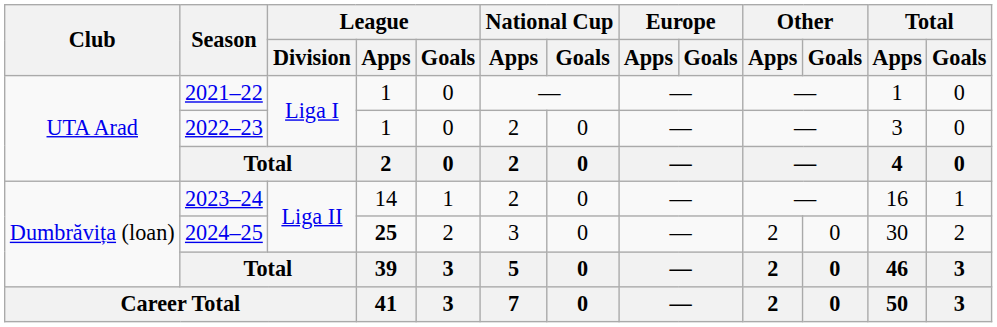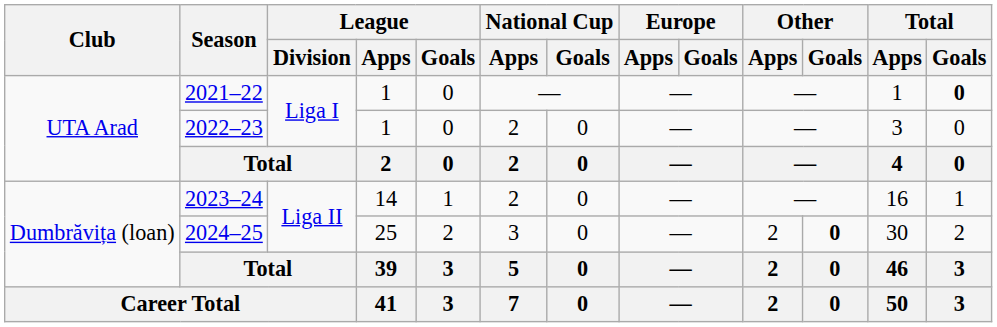 <table class=wikitable style=text-align:center>
 <tr>
 <th rowspan=2>Club</th>
 <th rowspan=2>Season</th>
 <th colspan=3>League</th>
 <th colspan=2>National Cup</th>
 <th colspan=2>Europe</th>
 <th colspan=2>Other</th>
 <th colspan=2>Total</th>
 </tr>
 <tr>
 <th>Division</th>
 <th>Apps</th>
 <th>Goals</th>
 <th>Apps</th>
 <th>Goals</th>
 <th>Apps</th>
 <th>Goals</th>
 <th>Apps</th>
 <th>Goals</th>
 <th>Apps</th>
 <th>Goals</th>
 </tr>
 <tr>
 <td rowspan="3"><a href='#'>UTA Arad</a></td>
 <td><a href='#'>2021–22</a></td>
 <td rowspan="2"><a href='#'>Liga I</a></td>
 <td>1</td>
 <td>0</td>
 <td colspan="2">—</td>
 <td colspan="2">—</td>
 <td colspan="2">—</td>
 <td>1</td>
-<td>0</td>
+<td><strong>0</strong></td>
 </tr>
 <tr>
 <td><a href='#'>2022–23</a></td>
 <td>1</td>
 <td>0</td>
 <td>2</td>
 <td>0</td>
 <td colspan="2">—</td>
 <td colspan="2">—</td>
 <td>3</td>
 <td>0</td>
 </tr>
 <tr>
 <th colspan="2">Total</th>
 <th>2</th>
 <th>0</th>
 <th>2</th>
 <th>0</th>
 <th colspan="2">—</th>
 <th colspan="2">—</th>
 <th>4</th>
 <th>0</th>
 </tr>
 <tr>
 <td rowspan="3"><a href='#'>Dumbrăvița</a> (loan)</td>
 <td><a href='#'>2023–24</a></td>
 <td rowspan="2"><a href='#'>Liga II</a></td>
 <td>14</td>
 <td>1</td>
 <td>2</td>
 <td>0</td>
 <td colspan="2">—</td>
 <td colspan="2">—</td>
 <td>16</td>
 <td>1</td>
 </tr>
 <tr>
 <td><a href='#'>2024–25</a></td>
-<td><strong>25</strong></td>
+<td>25</td>
 <td>2</td>
 <td>3</td>
 <td>0</td>
 <td colspan="2">—</td>
 <td>2</td>
-<td>0</td>
+<td><strong>0</strong></td>
 <td>30</td>
 <td>2</td>
 </tr>
 <tr>
 <th colspan="2">Total</th>
 <th>39</th>
 <th>3</th>
 <th>5</th>
 <th>0</th>
 <th colspan="2">—</th>
 <th>2</th>
 <th>0</th>
 <th>46</th>
 <th>3</th>
 </tr>
 <tr>
 <th colspan="3">Career Total</th>
 <th>41</th>
 <th>3</th>
 <th>7</th>
 <th>0</th>
 <th colspan="2">—</th>
 <th>2</th>
 <th>0</th>
 <th>50</th>
 <th>3</th>
 </tr>
 </table>
